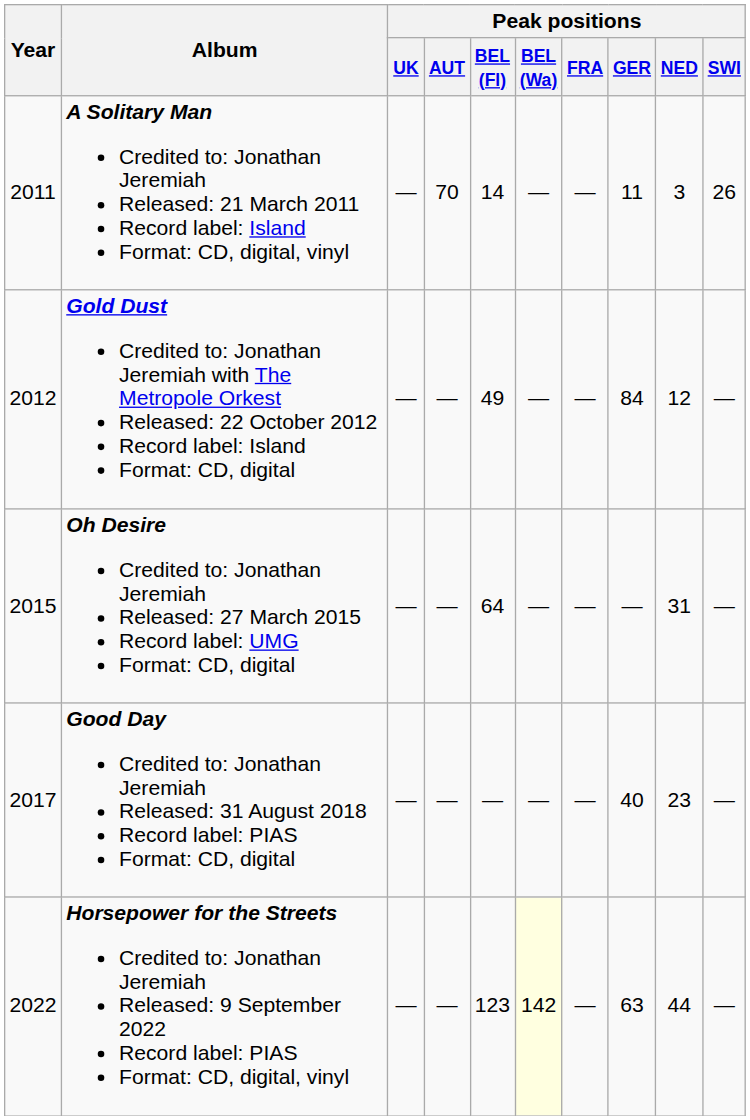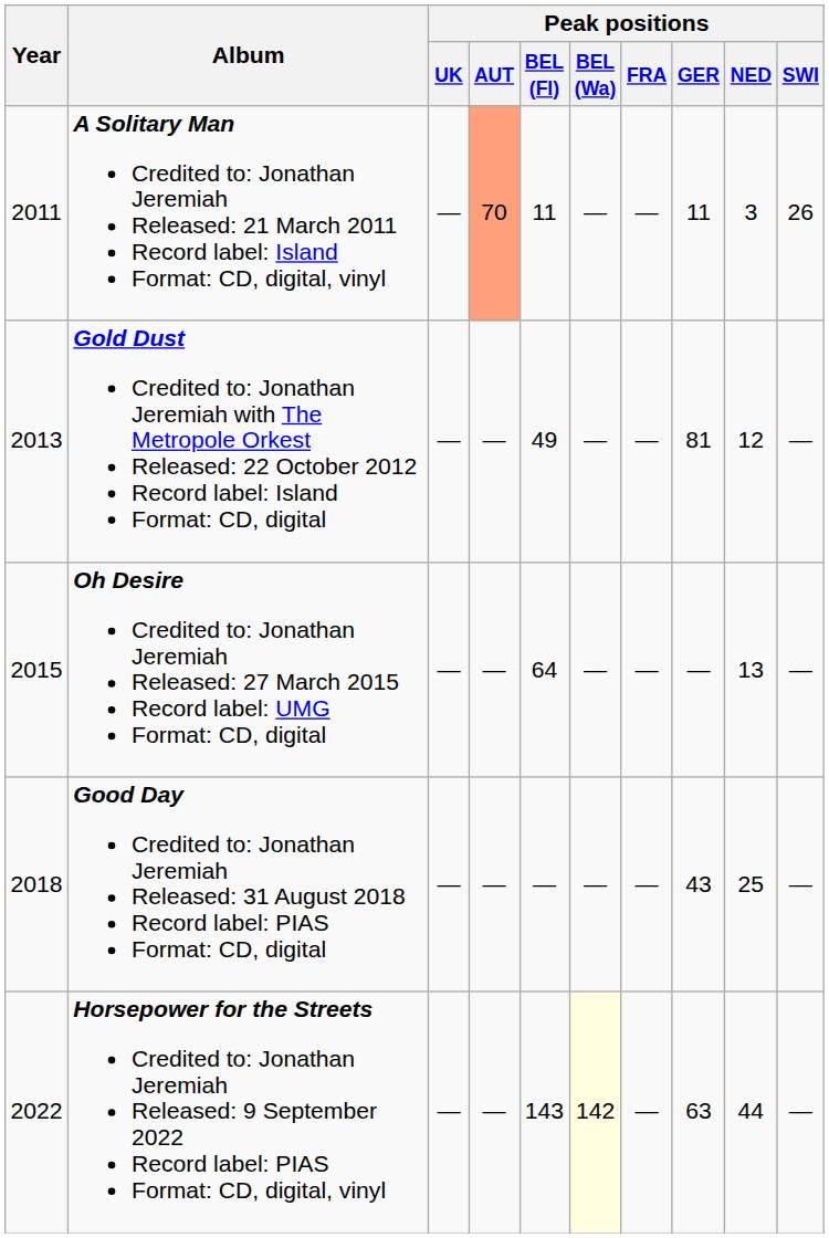 <table class="wikitable">
 <tr>
 <th align="center" rowspan="2" width="10">Year</th>
 <th align="center" rowspan="2" width="240">Album</th>
 <th align="center" colspan="8" width="30">Peak positions</th>
 </tr>
 <tr>
 <th width="20"><small><a href='#'>UK</a></small></th>
 <th width="20"><small><a href='#'>AUT</a></small><br></th>
 <th width="20"><small><a href='#'>BEL<br>(Fl)</a></small><br></th>
 <th width="20"><small><a href='#'>BEL<br>(Wa)</a></small><br></th>
 <th width="20"><small><a href='#'>FRA</a></small><br></th>
 <th width="20"><small><a href='#'>GER</a></small><br></th>
 <th width="20"><small><a href='#'>NED</a></small><br></th>
 <th width="20"><small><a href='#'>SWI</a></small><br></th>
 </tr>
 <tr>
 <td align="center">2011</td>
 <td><strong><em>A Solitary Man</em></strong><br><ul><li>Credited to: Jonathan Jeremiah</li><li>Released: 21 March 2011</li><li>Record label: <a href='#'>Island</a></li><li>Format: CD, digital, vinyl</li></ul></td>
 <td align="center">—</td>
-<td align="center">70</td>
-<td align="center">14</td>
+<td align="center" style="background: lightsalmon;">70</td>
+<td align="center">11</td>
 <td align="center">—</td>
 <td align="center">—</td>
 <td align="center">11</td>
 <td align="center">3</td>
 <td align="center">26</td>
 </tr>
 <tr>
-<td align="center">2012</td>
+<td align="center">2013</td>
 <td><strong><em><a href='#'>Gold Dust</a></em></strong><br><ul><li>Credited to: Jonathan Jeremiah with <a href='#'>The Metropole Orkest</a></li><li>Released: 22 October 2012</li><li>Record label: Island</li><li>Format: CD, digital</li></ul></td>
 <td align="center">—</td>
 <td align="center">—</td>
 <td align="center">49</td>
 <td align="center">—</td>
 <td align="center">—</td>
-<td align="center">84</td>
+<td align="center">81</td>
 <td align="center">12</td>
 <td align="center">—</td>
 </tr>
 <tr>
 <td>2015</td>
 <td><strong><em>Oh Desire</em></strong><br><ul><li>Credited to: Jonathan Jeremiah</li><li>Released: 27 March 2015</li><li>Record label: <a href='#'>UMG</a></li><li>Format: CD, digital</li></ul></td>
 <td align="center">—</td>
 <td align="center">—</td>
 <td align="center">64</td>
 <td align="center">—</td>
 <td align="center">—</td>
 <td align="center">—</td>
-<td align="center">31</td>
+<td align="center">13</td>
 <td align="center">—</td>
 </tr>
 <tr>
-<td>2017</td>
+<td>2018</td>
 <td><strong><em>Good Day</em></strong><br><ul><li>Credited to: Jonathan Jeremiah</li><li>Released: 31 August 2018</li><li>Record label: PIAS</li><li>Format: CD, digital</li></ul></td>
 <td align="center">—</td>
 <td align="center">—</td>
 <td align="center">—</td>
 <td align="center">—</td>
 <td align="center">—</td>
-<td align="center">40</td>
-<td align="center">23</td>
+<td align="center">43</td>
+<td align="center">25</td>
 <td align="center">—</td>
 </tr>
 <tr>
 <td>2022</td>
 <td><strong><em>Horsepower for the Streets</em></strong><br><ul><li>Credited to: Jonathan Jeremiah</li><li>Released: 9 September 2022</li><li>Record label: PIAS</li><li>Format: CD, digital, vinyl</li></ul></td>
 <td align="center">—</td>
 <td align="center">—</td>
-<td align="center">123</td>
+<td align="center">143</td>
 <td align="center" style="background: lightyellow;">142</td>
 <td align="center">—</td>
 <td align="center">63</td>
 <td align="center">44</td>
 <td align="center">—</td>
 </tr>
 </table>
